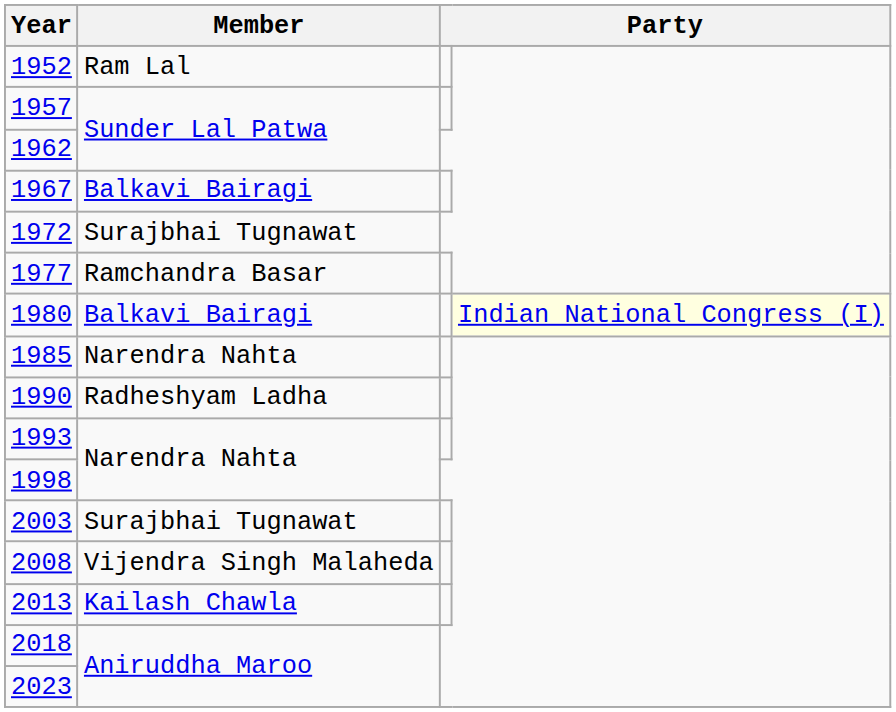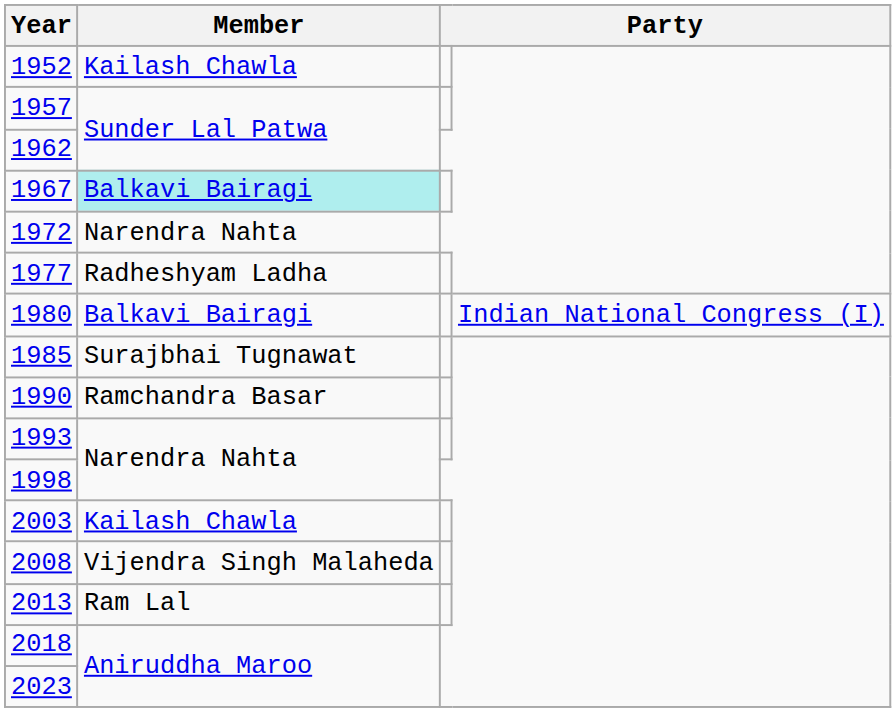 <table class="wikitable">
 <tr>
 <th>Year</th>
 <th>Member</th>
 <th colspan=2>Party</th>
 </tr>
 <tr>
 <td><a href='#'>1952</a></td>
-<td>Ram Lal</td>
+<td><a href='#'>Kailash Chawla</a></td>
 <td></td>
 </tr>
 <tr>
 <td><a href='#'>1957</a></td>
 <td rowspan="2"><a href='#'>Sunder Lal Patwa</a></td>
 <td></td>
 </tr>
 <tr>
 <td><a href='#'>1962</a></td>
 </tr>
 <tr>
 <td><a href='#'>1967</a></td>
-<td><a href='#'>Balkavi Bairagi</a></td>
+<td style="background: paleturquoise;"><a href='#'>Balkavi Bairagi</a></td>
 <td></td>
 </tr>
 <tr>
 <td><a href='#'>1972</a></td>
-<td>Surajbhai Tugnawat</td>
+<td>Narendra Nahta</td>
 </tr>
 <tr>
 <td><a href='#'>1977</a></td>
-<td>Ramchandra Basar</td>
+<td>Radheshyam Ladha</td>
 <td></td>
 </tr>
 <tr>
 <td><a href='#'>1980</a></td>
 <td><a href='#'>Balkavi Bairagi</a></td>
 <td style="background-color: "></td>
-<td style="background: lightyellow;"><a href='#'>Indian National Congress (I)</a></td>
+<td><a href='#'>Indian National Congress (I)</a></td>
 </tr>
 <tr>
 <td><a href='#'>1985</a></td>
-<td>Narendra Nahta</td>
+<td>Surajbhai Tugnawat</td>
 <td></td>
 </tr>
 <tr>
 <td><a href='#'>1990</a></td>
-<td>Radheshyam Ladha</td>
+<td>Ramchandra Basar</td>
 <td></td>
 </tr>
 <tr>
 <td><a href='#'>1993</a></td>
 <td rowspan="2">Narendra Nahta</td>
 <td></td>
 </tr>
 <tr>
 <td><a href='#'>1998</a></td>
 </tr>
 <tr>
 <td><a href='#'>2003</a></td>
-<td>Surajbhai Tugnawat</td>
+<td><a href='#'>Kailash Chawla</a></td>
 <td></td>
 </tr>
 <tr>
 <td><a href='#'>2008</a></td>
 <td>Vijendra Singh Malaheda</td>
 <td></td>
 </tr>
 <tr>
 <td><a href='#'>2013</a></td>
-<td><a href='#'>Kailash Chawla</a></td>
+<td>Ram Lal</td>
 <td></td>
 </tr>
 <tr>
 <td><a href='#'>2018</a></td>
 <td rowspan="2"><a href='#'>Aniruddha Maroo</a></td>
 </tr>
 <tr>
 <td><a href='#'>2023</a></td>
 </tr>
 </table>
